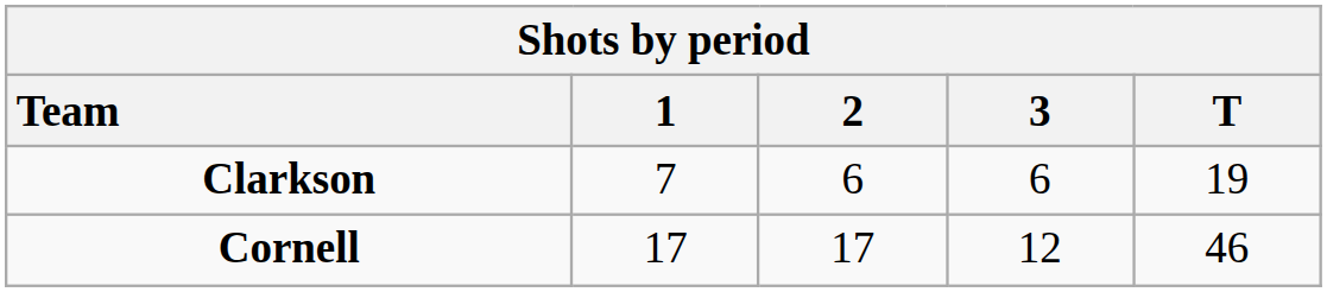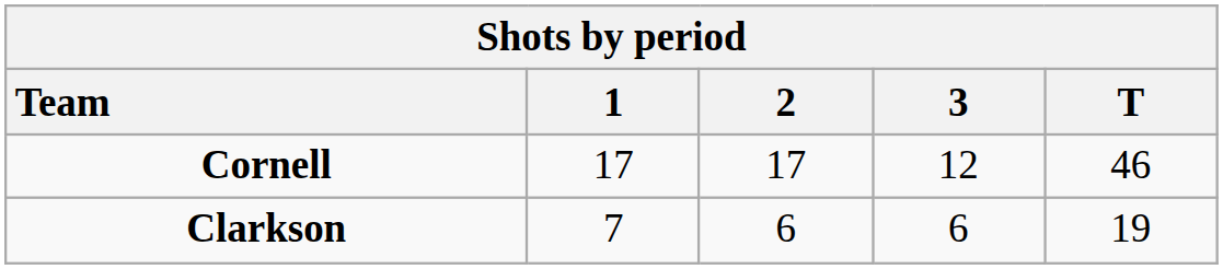 <table class="wikitable" style="width:30em; text-align:right;">
 <tr>
 <th colspan=5>Shots by period</th>
 </tr>
 <tr>
 <th style="width:10em; text-align:left;">Team</th>
 <th style="width:3em;">1</th>
 <th style="width:3em;">2</th>
 <th style="width:3em;">3</th>
 <th style="width:3em;">T</th>
 </tr>
 <tr>
+<td align=center><strong>Cornell</strong></td>
+<td align=center>17</td>
+<td align=center>17</td>
+<td align=center>12</td>
+<td align=center>46</td>
+</tr>
+<tr>
 <td align=center><strong>Clarkson</strong></td>
 <td align=center>7</td>
 <td align=center>6</td>
 <td align=center>6</td>
 <td align=center>19</td>
 </tr>
-<tr>
-<td align=center><strong>Cornell</strong></td>
-<td align=center>17</td>
-<td align=center>17</td>
-<td align=center>12</td>
-<td align=center>46</td>
-</tr>
 </table>
